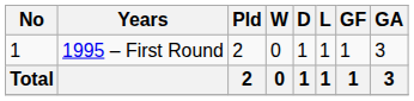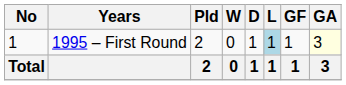 <table class = "wikitable">
 <tr>
 <th>No</th>
 <th>Years</th>
 <th>Pld</th>
 <th>W</th>
 <th>D</th>
 <th>L</th>
 <th>GF</th>
 <th>GA</th>
 </tr>
 <tr>
 <td>1</td>
 <td><a href='#'>1995</a> – First Round</td>
 <td>2</td>
 <td>0</td>
 <td>1</td>
+<td style="background: lightblue;">1</td>
 <td>1</td>
-<td>1</td>
-<td>3</td>
+<td style="background: lightyellow;">3</td>
 </tr>
 <tr>
 <th>Total</th>
 <th></th>
 <th>2</th>
 <th>0</th>
 <th>1</th>
 <th>1</th>
 <th>1</th>
 <th>3</th>
 </tr>
 <tr>
 </tr>
 </table>
